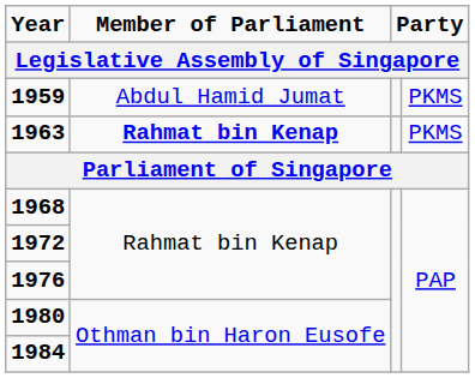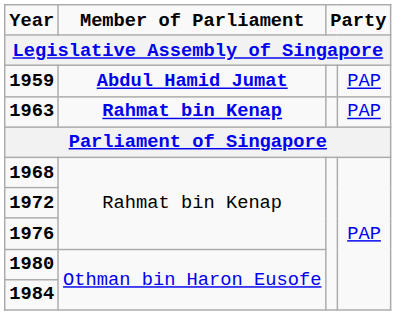 <table class="wikitable" align="center" style="text-align:center">
 <tr>
 <td><strong>Year</strong></td>
 <td><strong>Member of Parliament</strong></td>
 <td colspan="2"><strong>Party</strong></td>
 </tr>
 <tr>
 <th colspan="4"><a href='#'>Legislative Assembly of Singapore</a></th>
 </tr>
 <tr>
 <td><strong>1959</strong></td>
-<td><a href='#'>Abdul Hamid Jumat</a></td>
+<td><strong><a href='#'>Abdul Hamid Jumat</a></strong></td>
 <td></td>
-<td><a href='#'>PKMS</a></td>
+<td><a href='#'>PAP</a></td>
 </tr>
 <tr>
 <td><strong>1963</strong></td>
 <td><strong><a href='#'>Rahmat bin Kenap</a></strong></td>
 <td></td>
-<td><a href='#'>PKMS</a></td>
+<td><a href='#'>PAP</a></td>
 </tr>
 <tr>
 <th colspan="4"><a href='#'>Parliament of Singapore</a></th>
 </tr>
 <tr>
 <td><strong>1968</strong></td>
 <td rowspan="3">Rahmat bin Kenap</td>
 <td rowspan="5"></td>
 <td rowspan="5"><a href='#'>PAP</a></td>
 </tr>
 <tr>
 <td><strong>1972</strong></td>
 </tr>
 <tr>
 <td><strong>1976</strong></td>
 </tr>
 <tr>
 <td><strong>1980</strong></td>
 <td rowspan="2"><a href='#'>Othman bin Haron Eusofe</a></td>
 </tr>
 <tr>
 <td><strong>1984</strong></td>
 </tr>
 </table>
